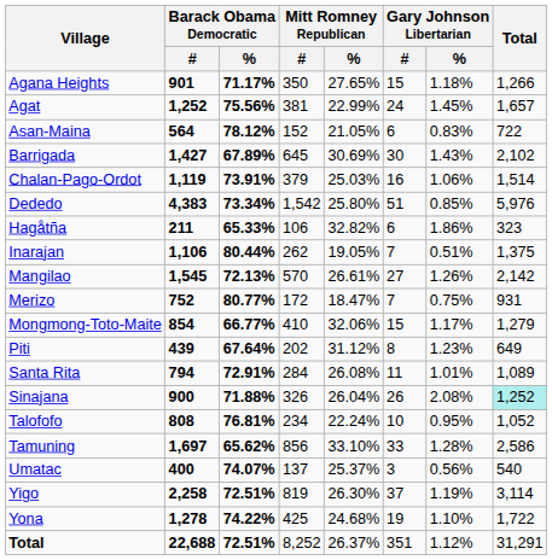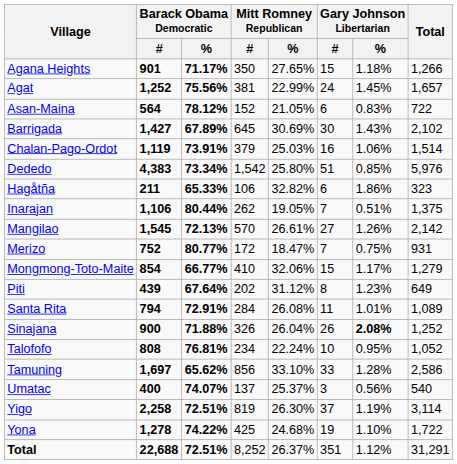 <table class="wikitable sortable">
 <tr>
 <th rowspan="2">Village</th>
 <th colspan="2">Barack Obama<br><small>Democratic</small></th>
 <th colspan="2">Mitt Romney<br><small>Republican</small></th>
 <th colspan="2">Gary Johnson<br><small>Libertarian</small></th>
 <th rowspan="2">Total</th>
 </tr>
 <tr>
 <th><strong>#</strong></th>
 <th><strong>%</strong></th>
 <th><strong>#</strong></th>
 <th><strong>%</strong></th>
 <th><strong>#</strong></th>
 <th>%</th>
 </tr>
 <tr>
 <td><a href='#'>Agana Heights</a></td>
 <td><strong>901</strong></td>
 <td><strong>71.17%</strong></td>
 <td>350</td>
 <td>27.65%</td>
 <td>15</td>
 <td>1.18%</td>
 <td>1,266</td>
 </tr>
 <tr>
 <td><a href='#'>Agat</a></td>
 <td><strong>1,252</strong></td>
 <td><strong>75.56%</strong></td>
 <td>381</td>
 <td>22.99%</td>
 <td>24</td>
 <td>1.45%</td>
 <td>1,657</td>
 </tr>
 <tr>
 <td><a href='#'>Asan-Maina</a></td>
 <td><strong>564</strong></td>
 <td><strong>78.12%</strong></td>
 <td>152</td>
 <td>21.05%</td>
 <td>6</td>
 <td>0.83%</td>
 <td>722</td>
 </tr>
 <tr>
 <td><a href='#'>Barrigada</a></td>
 <td><strong>1,427</strong></td>
 <td><strong>67.89%</strong></td>
 <td>645</td>
 <td>30.69%</td>
 <td>30</td>
 <td>1.43%</td>
 <td>2,102</td>
 </tr>
 <tr>
 <td><a href='#'>Chalan-Pago-Ordot</a></td>
 <td><strong>1,119</strong></td>
 <td><strong>73.91%</strong></td>
 <td>379</td>
 <td>25.03%</td>
 <td>16</td>
 <td>1.06%</td>
 <td>1,514</td>
 </tr>
 <tr>
 <td><a href='#'>Dededo</a></td>
 <td><strong>4,383</strong></td>
 <td><strong>73.34%</strong></td>
 <td>1,542</td>
 <td>25.80%</td>
 <td>51</td>
 <td>0.85%</td>
 <td>5,976</td>
 </tr>
 <tr>
 <td><a href='#'>Hagåtña</a></td>
 <td><strong>211</strong></td>
 <td><strong>65.33%</strong></td>
 <td>106</td>
 <td>32.82%</td>
 <td>6</td>
 <td>1.86%</td>
 <td>323</td>
 </tr>
 <tr>
 <td><a href='#'>Inarajan</a></td>
 <td><strong>1,106</strong></td>
 <td><strong>80.44%</strong></td>
 <td>262</td>
 <td>19.05%</td>
 <td>7</td>
 <td>0.51%</td>
 <td>1,375</td>
 </tr>
 <tr>
 <td><a href='#'>Mangilao</a></td>
 <td><strong>1,545</strong></td>
 <td><strong>72.13%</strong></td>
 <td>570</td>
 <td>26.61%</td>
 <td>27</td>
 <td>1.26%</td>
 <td>2,142</td>
 </tr>
 <tr>
 <td><a href='#'>Merizo</a></td>
 <td><strong>752</strong></td>
 <td><strong>80.77%</strong></td>
 <td>172</td>
 <td>18.47%</td>
 <td>7</td>
 <td>0.75%</td>
 <td>931</td>
 </tr>
 <tr>
 <td><a href='#'>Mongmong-Toto-Maite</a></td>
 <td><strong>854</strong></td>
 <td><strong>66.77%</strong></td>
 <td>410</td>
 <td>32.06%</td>
 <td>15</td>
 <td>1.17%</td>
 <td>1,279</td>
 </tr>
 <tr>
 <td><a href='#'>Piti</a></td>
 <td><strong>439</strong></td>
 <td><strong>67.64%</strong></td>
 <td>202</td>
 <td>31.12%</td>
 <td>8</td>
 <td>1.23%</td>
 <td>649</td>
 </tr>
 <tr>
 <td><a href='#'>Santa Rita</a></td>
 <td><strong>794</strong></td>
 <td><strong>72.91%</strong></td>
 <td>284</td>
 <td>26.08%</td>
 <td>11</td>
 <td>1.01%</td>
 <td>1,089</td>
 </tr>
 <tr>
 <td><a href='#'>Sinajana</a></td>
 <td><strong>900</strong></td>
 <td><strong>71.88%</strong></td>
 <td>326</td>
 <td>26.04%</td>
 <td>26</td>
-<td>2.08%</td>
-<td style="background: paleturquoise;">1,252</td>
+<td><strong>2.08%</strong></td>
+<td>1,252</td>
 </tr>
 <tr>
 <td><a href='#'>Talofofo</a></td>
 <td><strong>808</strong></td>
 <td><strong>76.81%</strong></td>
 <td>234</td>
 <td>22.24%</td>
 <td>10</td>
 <td>0.95%</td>
 <td>1,052</td>
 </tr>
 <tr>
 <td><a href='#'>Tamuning</a></td>
 <td><strong>1,697</strong></td>
 <td><strong>65.62%</strong></td>
 <td>856</td>
 <td>33.10%</td>
 <td>33</td>
 <td>1.28%</td>
 <td>2,586</td>
 </tr>
 <tr>
 <td><a href='#'>Umatac</a></td>
 <td><strong>400</strong></td>
 <td><strong>74.07%</strong></td>
 <td>137</td>
 <td>25.37%</td>
 <td>3</td>
 <td>0.56%</td>
 <td>540</td>
 </tr>
 <tr>
 <td><a href='#'>Yigo</a></td>
 <td><strong>2,258</strong></td>
 <td><strong>72.51%</strong></td>
 <td>819</td>
 <td>26.30%</td>
 <td>37</td>
 <td>1.19%</td>
 <td>3,114</td>
 </tr>
 <tr>
 <td><a href='#'>Yona</a></td>
 <td><strong>1,278</strong></td>
 <td><strong>74.22%</strong></td>
 <td>425</td>
 <td>24.68%</td>
 <td>19</td>
 <td>1.10%</td>
 <td>1,722</td>
 </tr>
 <tr>
 <td><strong>Total</strong></td>
 <td><strong>22,688</strong></td>
 <td><strong>72.51%</strong></td>
 <td>8,252</td>
 <td>26.37%</td>
 <td>351</td>
 <td>1.12%</td>
 <td>31,291</td>
 </tr>
 </table>
